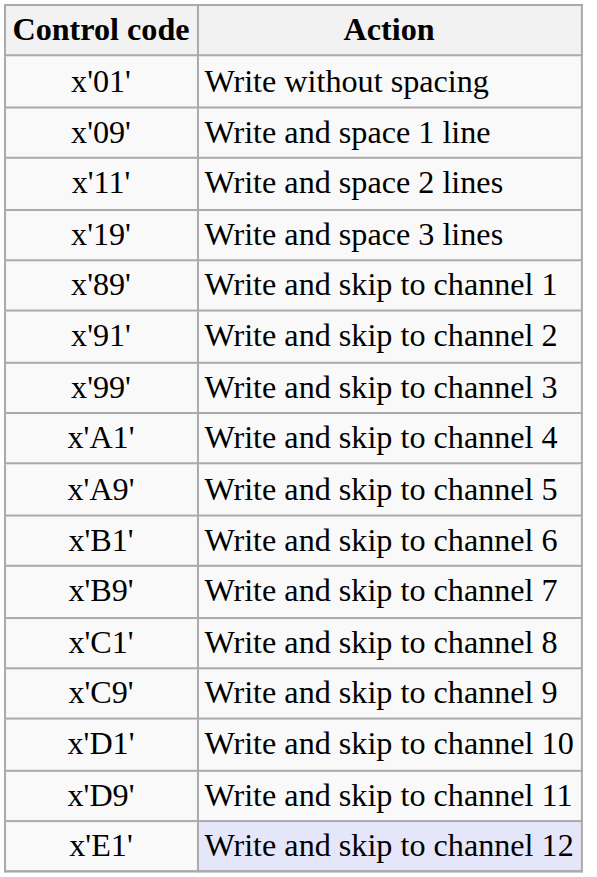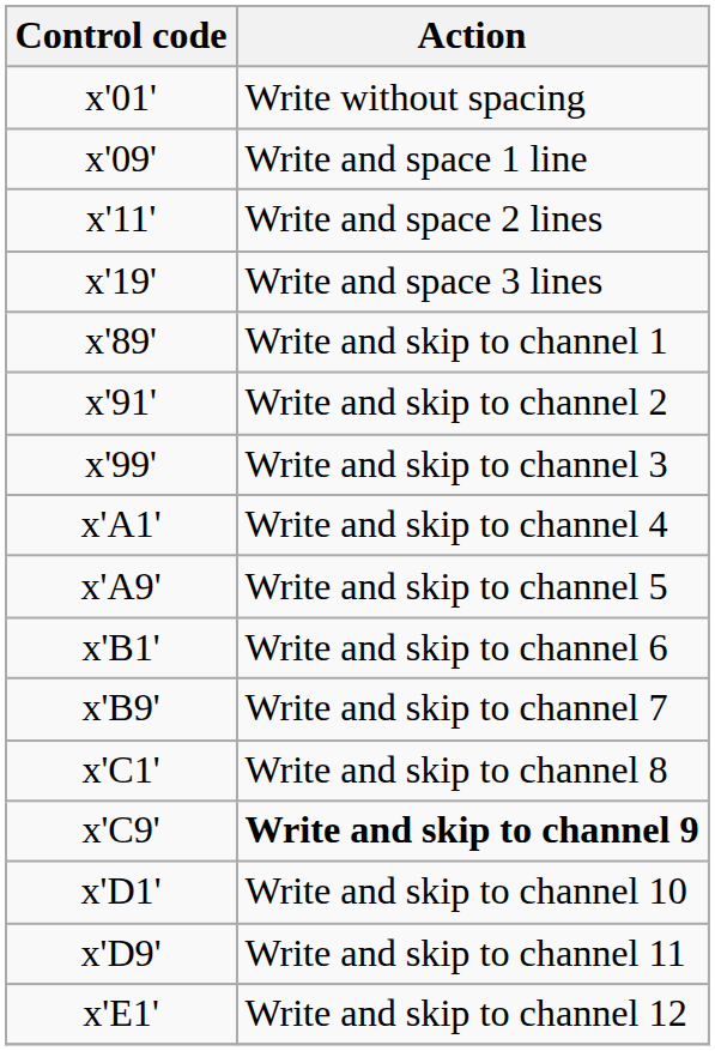 <table class="wikitable">
 <tr>
 <th>Control code</th>
 <th>Action</th>
 </tr>
 <tr>
 <td style="text-align:center;">x'01'</td>
 <td>Write without spacing</td>
 </tr>
 <tr>
 <td style="text-align:center;">x'09'</td>
 <td>Write and space 1 line</td>
 </tr>
 <tr>
 <td style="text-align:center;">x'11'</td>
 <td>Write and space 2 lines</td>
 </tr>
 <tr>
 <td style="text-align:center;">x'19'</td>
 <td>Write and space 3 lines</td>
 </tr>
 <tr>
 <td style="text-align:center;">x'89'</td>
 <td>Write and skip to channel 1</td>
 </tr>
 <tr>
 <td style="text-align:center;">x'91'</td>
 <td>Write and skip to channel 2</td>
 </tr>
 <tr>
 <td style="text-align:center;">x'99'</td>
 <td>Write and skip to channel 3</td>
 </tr>
 <tr>
 <td style="text-align:center;">x'A1'</td>
 <td>Write and skip to channel 4</td>
 </tr>
 <tr>
 <td style="text-align:center;">x'A9'</td>
 <td>Write and skip to channel 5</td>
 </tr>
 <tr>
 <td style="text-align:center;">x'B1'</td>
 <td>Write and skip to channel 6</td>
 </tr>
 <tr>
 <td style="text-align:center;">x'B9'</td>
 <td>Write and skip to channel 7</td>
 </tr>
 <tr>
 <td style="text-align:center;">x'C1'</td>
 <td>Write and skip to channel 8</td>
 </tr>
 <tr>
 <td style="text-align:center;">x'C9'</td>
-<td>Write and skip to channel 9</td>
+<td><strong>Write and skip to channel 9</strong></td>
 </tr>
 <tr>
 <td style="text-align:center;">x'D1'</td>
 <td>Write and skip to channel 10</td>
 </tr>
 <tr>
 <td style="text-align:center;">x'D9'</td>
 <td>Write and skip to channel 11</td>
 </tr>
 <tr>
 <td style="text-align:center;">x'E1'</td>
-<td style="background: lavender;">Write and skip to channel 12</td>
+<td>Write and skip to channel 12</td>
 </tr>
 <tr>
 </tr>
 </table>
